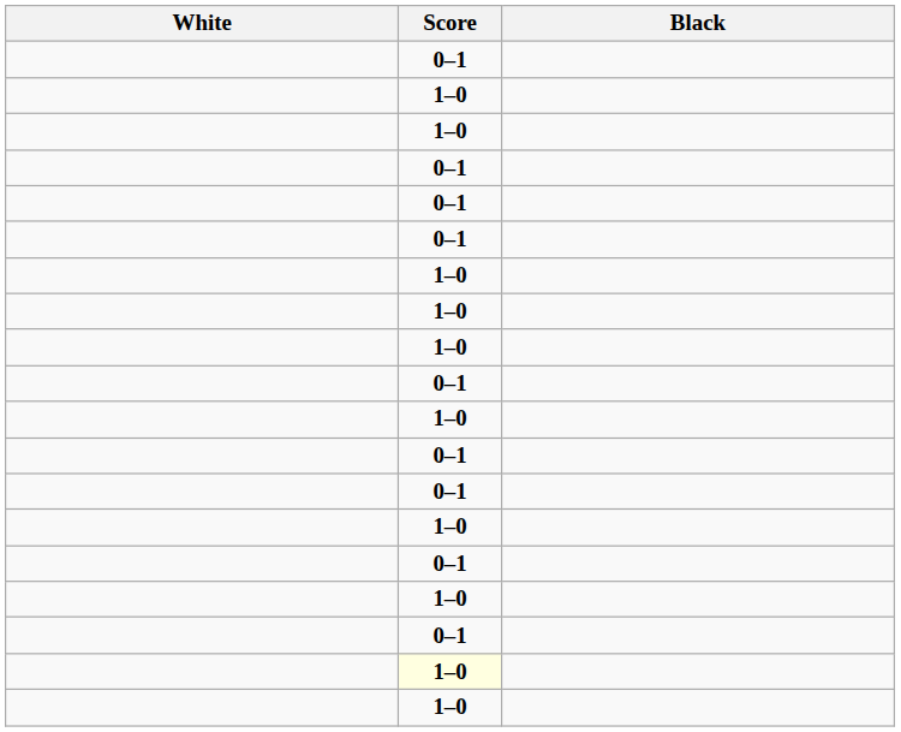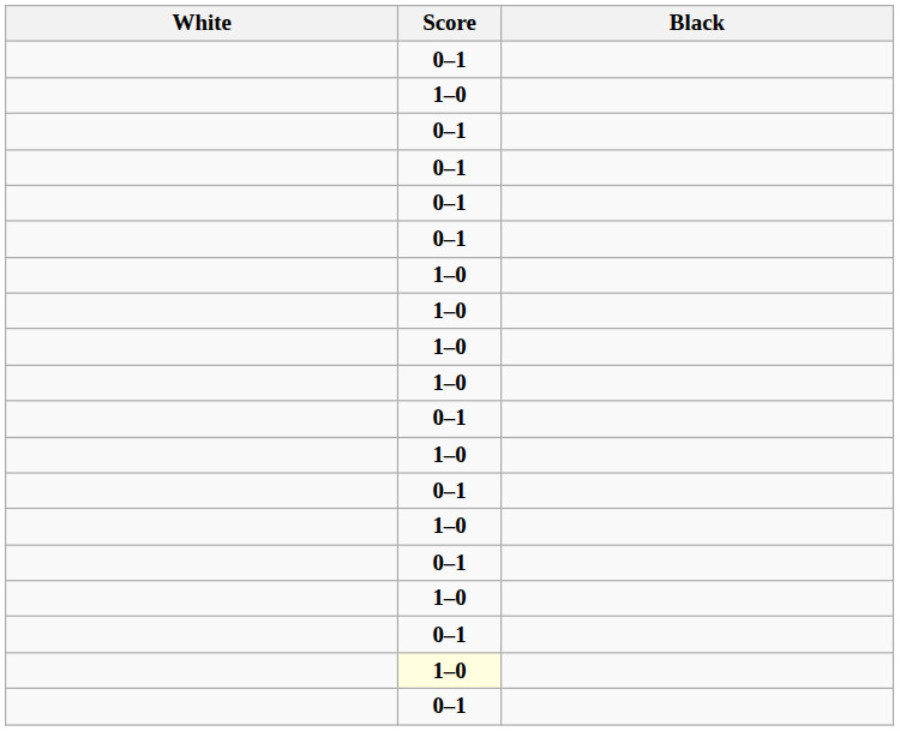 <table class="wikitable" style="text-align: center;">
 <tr>
 <th align="right" width="270">White</th>
 <th width="65">Score</th>
 <th align="left" width="270">Black</th>
 </tr>
 <tr>
 <td align=left></td>
 <td align=center><strong>0–1</strong></td>
 <td align=left><strong></strong></td>
 </tr>
 <tr>
 <td align=left><strong></strong></td>
 <td align=center><strong>1–0</strong></td>
 <td align=left></td>
 </tr>
 <tr>
 <td align=left><strong></strong></td>
-<td align=center><strong>1–0</strong></td>
+<td align=center><strong>0–1</strong></td>
 <td align=left></td>
 </tr>
 <tr>
 <td align=left></td>
 <td align=center><strong>0–1</strong></td>
 <td align=left><strong></strong></td>
 </tr>
 <tr>
 <td align=left></td>
 <td align=center><strong>0–1</strong></td>
 <td align=left><strong></strong></td>
 </tr>
 <tr>
 <td align=left></td>
 <td align=center><strong>0–1</strong></td>
 <td align=left><strong></strong></td>
 </tr>
 <tr>
 <td align=left><strong></strong></td>
 <td align=center><strong>1–0</strong></td>
 <td align=left></td>
 </tr>
 <tr>
 <td align=left><strong></strong></td>
 <td align=center><strong>1–0</strong></td>
 <td align=left></td>
 </tr>
 <tr>
 <td align=left><strong></strong></td>
 <td align=center><strong>1–0</strong></td>
 <td align=left></td>
 </tr>
 <tr>
 <td align=left></td>
+<td align=center><strong>1–0</strong></td>
+<td align=left><strong></strong></td>
+</tr>
+<tr>
+<td align=left></td>
 <td align=center><strong>0–1</strong></td>
 <td align=left><strong></strong></td>
 </tr>
 <tr>
 <td align=left></td>
 <td align=center><strong>1–0</strong></td>
-<td align=left><strong></strong></td>
-</tr>
-<tr>
-<td align=left></td>
-<td align=center><strong>0–1</strong></td>
 <td align=left><strong></strong></td>
 </tr>
 <tr>
 <td align=left><strong></strong></td>
 <td align=center><strong>0–1</strong></td>
 <td align=left></td>
 </tr>
 <tr>
 <td align=left><strong></strong></td>
 <td align=center><strong>1–0</strong></td>
 <td align=left></td>
 </tr>
 <tr>
 <td align=left></td>
 <td align=center><strong>0–1</strong></td>
 <td align=left><strong></strong></td>
 </tr>
 <tr>
 <td align=left><strong></strong></td>
 <td align=center><strong>1–0</strong></td>
 <td align=left></td>
 </tr>
 <tr>
 <td align=left></td>
 <td align=center><strong>0–1</strong></td>
 <td align=left><strong></strong></td>
 </tr>
 <tr>
 <td align=left><strong></strong></td>
 <td align=center style="background: lightyellow;"><strong>1–0</strong></td>
 <td align=left></td>
 </tr>
 <tr>
 <td align=left></td>
-<td align=center><strong>1–0</strong></td>
+<td align=center><strong>0–1</strong></td>
 <td align=left><strong></strong></td>
 </tr>
 </table>
